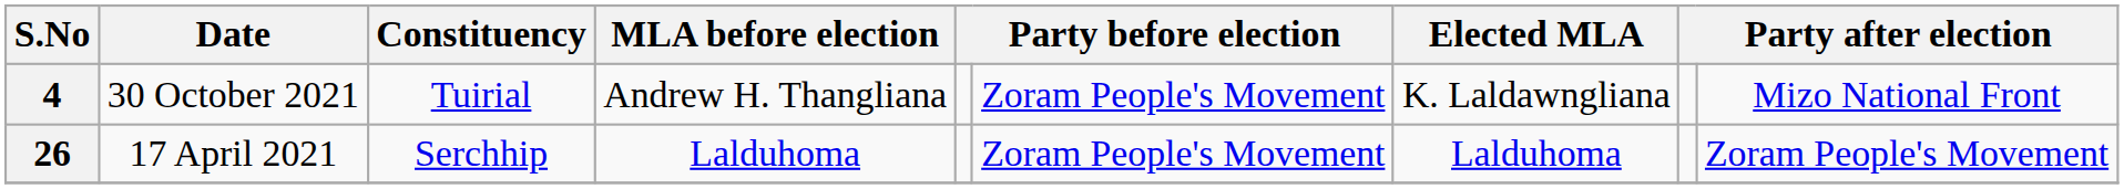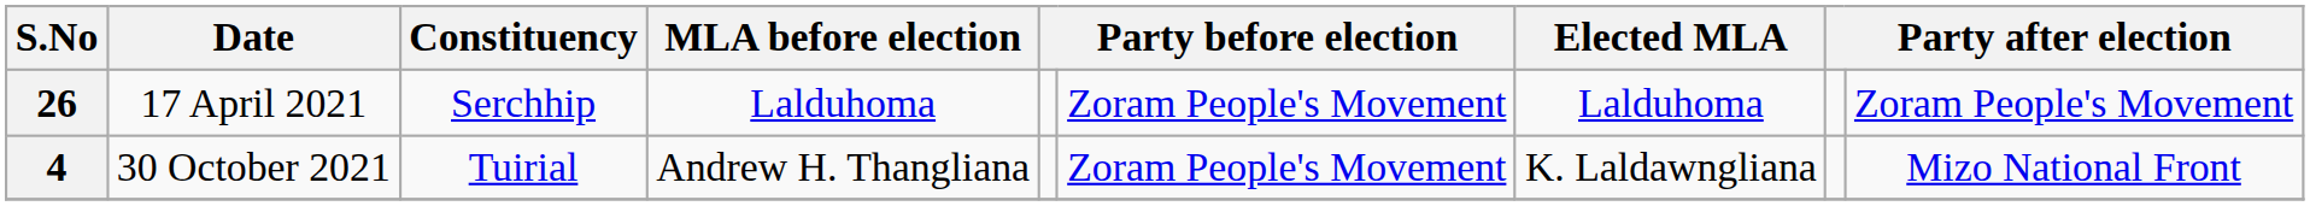 <table class="wikitable sortable" style="text-align:center;">
 <tr>
 <th>S.No</th>
 <th>Date</th>
 <th>Constituency</th>
 <th>MLA before election</th>
 <th colspan="2">Party before election</th>
 <th>Elected MLA</th>
 <th colspan="2">Party after election</th>
+</tr>
+<tr>
+<th>26</th>
+<td>17 April 2021</td>
+<td><a href='#'>Serchhip</a></td>
+<td><a href='#'>Lalduhoma</a></td>
+<td></td>
+<td><a href='#'>Zoram People's Movement</a></td>
+<td><a href='#'>Lalduhoma</a></td>
+<td></td>
+<td><a href='#'>Zoram People's Movement</a></td>
 </tr>
 <tr>
 <th>4</th>
 <td>30 October 2021</td>
 <td><a href='#'>Tuirial</a></td>
 <td>Andrew H. Thangliana</td>
 <td></td>
 <td><a href='#'>Zoram People's Movement</a></td>
 <td>K. Laldawngliana</td>
 <td></td>
 <td><a href='#'>Mizo National Front</a></td>
 </tr>
 <tr>
-<th>26</th>
-<td>17 April 2021</td>
-<td><a href='#'>Serchhip</a></td>
-<td><a href='#'>Lalduhoma</a></td>
-<td></td>
-<td><a href='#'>Zoram People's Movement</a></td>
-<td><a href='#'>Lalduhoma</a></td>
-<td></td>
-<td><a href='#'>Zoram People's Movement</a></td>
-</tr>
-<tr>
 </tr>
 </table>
